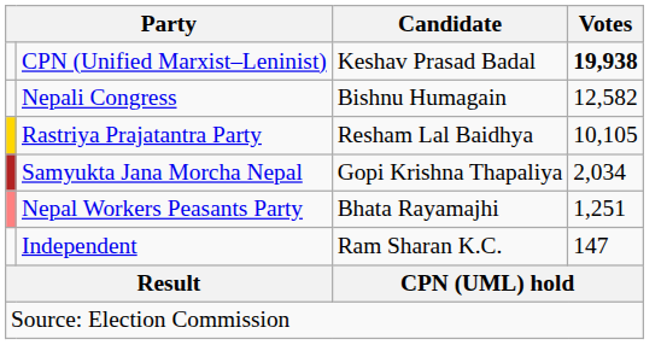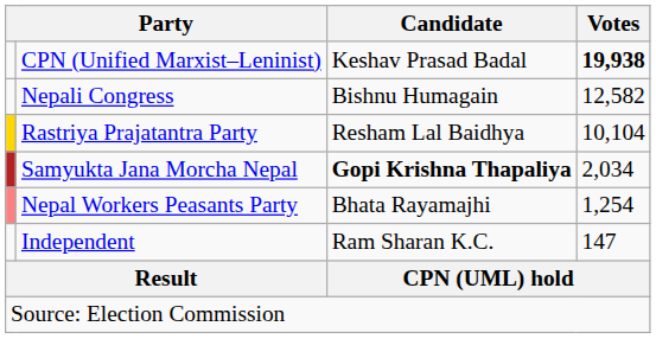 <table class="wikitable">
 <tr>
 <th colspan="2">Party</th>
 <th>Candidate</th>
 <th>Votes</th>
 </tr>
 <tr>
 <td style="background-color:"></td>
 <td><a href='#'>CPN (Unified Marxist–Leninist)</a></td>
 <td>Keshav Prasad Badal</td>
 <td><strong>19,938</strong></td>
 </tr>
 <tr>
 <td style="background-color:"></td>
 <td><a href='#'>Nepali Congress</a></td>
 <td>Bishnu Humagain</td>
 <td>12,582</td>
 </tr>
 <tr>
 <td style="background-color:gold"></td>
 <td><a href='#'>Rastriya Prajatantra Party</a></td>
 <td>Resham Lal Baidhya</td>
-<td>10,105</td>
+<td>10,104</td>
 </tr>
 <tr>
 <td style="background-color:firebrick"></td>
 <td><a href='#'>Samyukta Jana Morcha Nepal</a></td>
-<td>Gopi Krishna Thapaliya</td>
+<td><strong>Gopi Krishna Thapaliya</strong></td>
 <td>2,034</td>
 </tr>
 <tr>
 <td style="background-color:#ff8080"></td>
 <td><a href='#'>Nepal Workers Peasants Party</a></td>
 <td>Bhata Rayamajhi</td>
-<td>1,251</td>
+<td>1,254</td>
 </tr>
 <tr>
 <td style="background-color:"></td>
 <td><a href='#'>Independent</a></td>
 <td>Ram Sharan K.C.</td>
 <td>147</td>
 </tr>
 <tr>
 <th colspan="2">Result</th>
 <th colspan="2">CPN (UML) hold</th>
 </tr>
 <tr>
 <td colspan="4">Source: Election Commission</td>
 </tr>
 </table>
